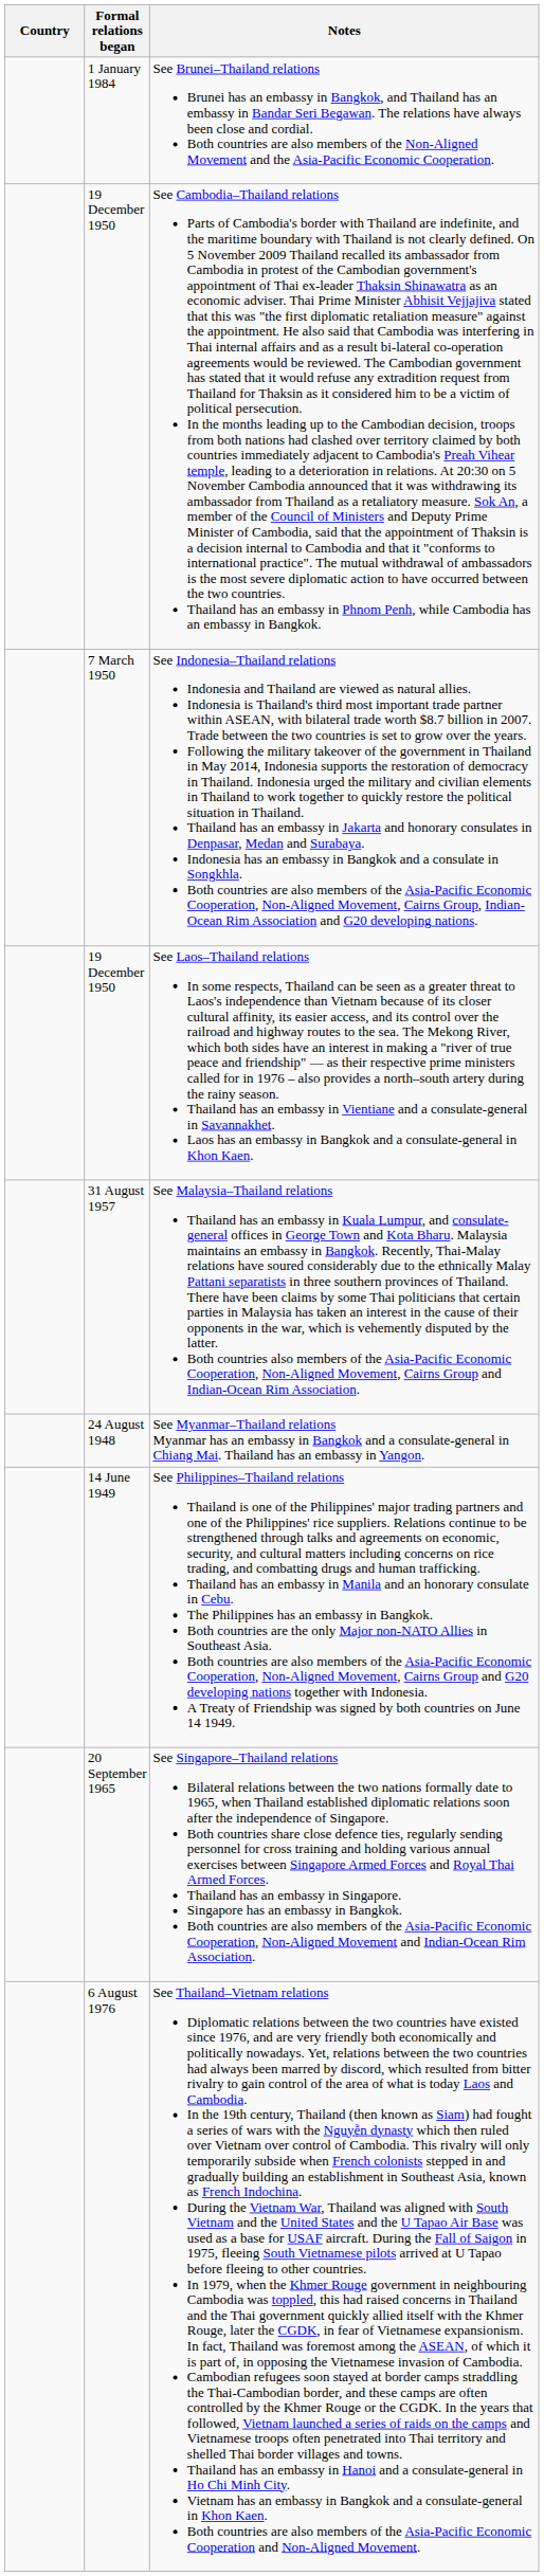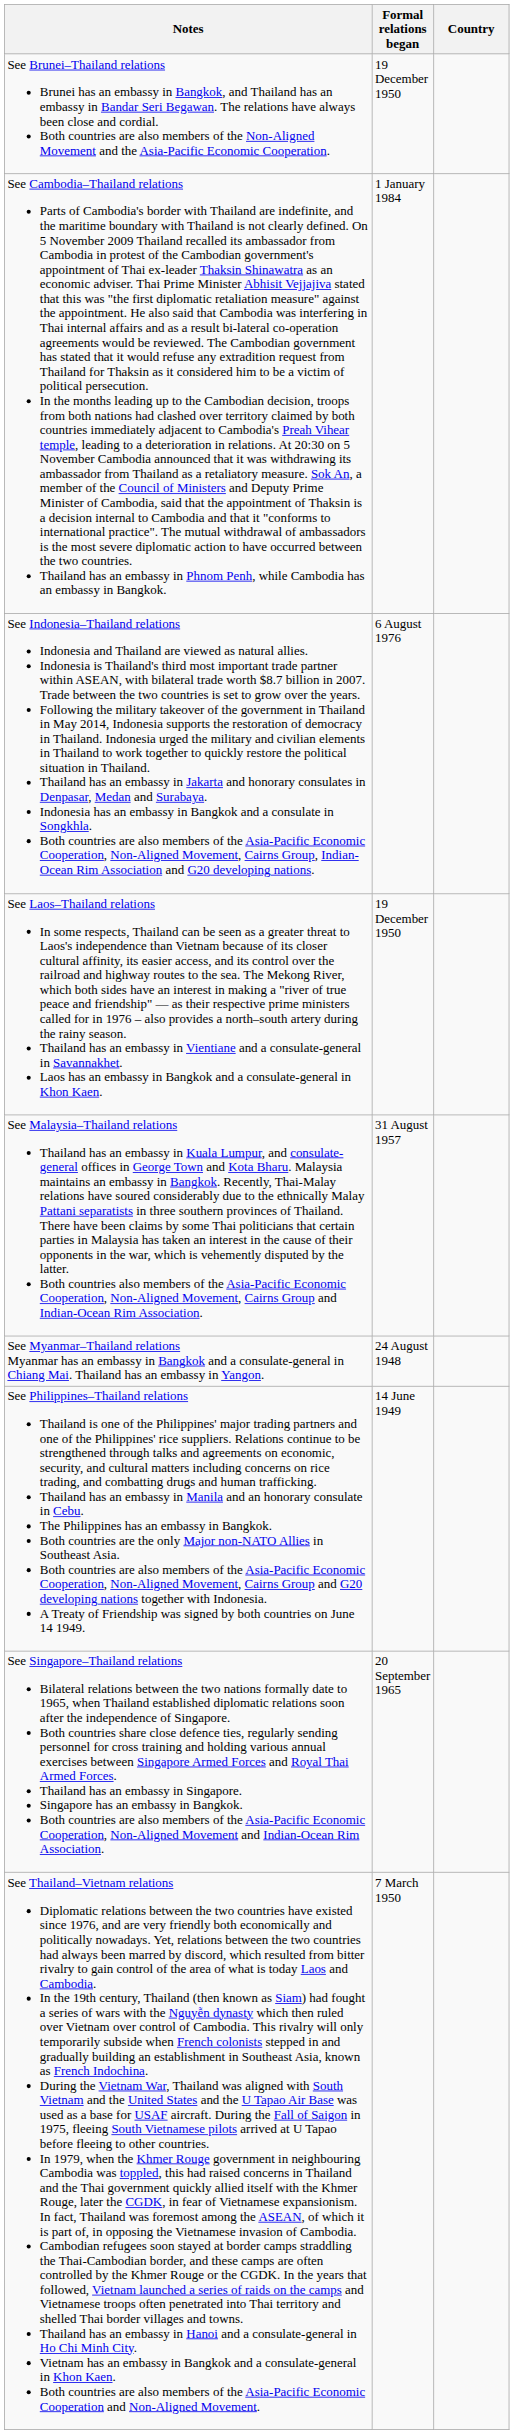 <table class="wikitable sortable" style="width:100%; margin:auto;">
 <tr>
+<th>Notes</th>
+<th style="width:12%;">Formal relations began</th>
 <th style="width:15%;">Country</th>
-<th style="width:12%;">Formal relations began</th>
-<th>Notes</th>
 </tr>
 <tr valign="top">
+<td>See <a href='#'>Brunei–Thailand relations</a><br><ul><li>Brunei has an embassy in <a href='#'>Bangkok</a>, and Thailand has an embassy in <a href='#'>Bandar Seri Begawan</a>. The relations have always been close and cordial.</li><li>Both countries are also members of the <a href='#'>Non-Aligned Movement</a> and the <a href='#'>Asia-Pacific Economic Cooperation</a>.</li></ul></td>
+<td>19 December 1950</td>
 <td></td>
-<td>1 January 1984</td>
-<td>See <a href='#'>Brunei–Thailand relations</a><br><ul><li>Brunei has an embassy in <a href='#'>Bangkok</a>, and Thailand has an embassy in <a href='#'>Bandar Seri Begawan</a>. The relations have always been close and cordial.</li><li>Both countries are also members of the <a href='#'>Non-Aligned Movement</a> and the <a href='#'>Asia-Pacific Economic Cooperation</a>.</li></ul></td>
 </tr>
 <tr valign="top">
+<td>See <a href='#'>Cambodia–Thailand relations</a><br><ul><li>Parts of Cambodia's border with Thailand are indefinite, and the maritime boundary with Thailand is not clearly defined. On 5 November 2009 Thailand recalled its ambassador from Cambodia in protest of the Cambodian government's appointment of Thai ex-leader <a href='#'>Thaksin Shinawatra</a> as an economic adviser. Thai Prime Minister <a href='#'>Abhisit Vejjajiva</a> stated that this was "the first diplomatic retaliation measure" against the appointment. He also said that Cambodia was interfering in Thai internal affairs and as a result bi-lateral co-operation agreements would be reviewed. The Cambodian government has stated that it would refuse any extradition request from Thailand for Thaksin as it considered him to be a victim of political persecution.</li><li>In the months leading up to the Cambodian decision, troops from both nations had clashed over territory claimed by both countries immediately adjacent to Cambodia's <a href='#'>Preah Vihear temple</a>, leading to a deterioration in relations. At 20:30 on 5 November Cambodia announced that it was withdrawing its ambassador from Thailand as a retaliatory measure. <a href='#'>Sok An</a>, a member of the <a href='#'>Council of Ministers</a> and Deputy Prime Minister of Cambodia, said that the appointment of Thaksin is a decision internal to Cambodia and that it "conforms to international practice". The mutual withdrawal of ambassadors is the most severe diplomatic action to have occurred between the two countries.</li><li>Thailand has an embassy in <a href='#'>Phnom Penh</a>, while Cambodia has an embassy in Bangkok.</li></ul></td>
+<td>1 January 1984</td>
 <td></td>
-<td>19 December 1950</td>
-<td>See <a href='#'>Cambodia–Thailand relations</a><br><ul><li>Parts of Cambodia's border with Thailand are indefinite, and the maritime boundary with Thailand is not clearly defined. On 5 November 2009 Thailand recalled its ambassador from Cambodia in protest of the Cambodian government's appointment of Thai ex-leader <a href='#'>Thaksin Shinawatra</a> as an economic adviser. Thai Prime Minister <a href='#'>Abhisit Vejjajiva</a> stated that this was "the first diplomatic retaliation measure" against the appointment. He also said that Cambodia was interfering in Thai internal affairs and as a result bi-lateral co-operation agreements would be reviewed. The Cambodian government has stated that it would refuse any extradition request from Thailand for Thaksin as it considered him to be a victim of political persecution.</li><li>In the months leading up to the Cambodian decision, troops from both nations had clashed over territory claimed by both countries immediately adjacent to Cambodia's <a href='#'>Preah Vihear temple</a>, leading to a deterioration in relations. At 20:30 on 5 November Cambodia announced that it was withdrawing its ambassador from Thailand as a retaliatory measure. <a href='#'>Sok An</a>, a member of the <a href='#'>Council of Ministers</a> and Deputy Prime Minister of Cambodia, said that the appointment of Thaksin is a decision internal to Cambodia and that it "conforms to international practice". The mutual withdrawal of ambassadors is the most severe diplomatic action to have occurred between the two countries.</li><li>Thailand has an embassy in <a href='#'>Phnom Penh</a>, while Cambodia has an embassy in Bangkok.</li></ul></td>
 </tr>
 <tr valign="top">
+<td>See <a href='#'>Indonesia–Thailand relations</a><br><ul><li>Indonesia and Thailand are viewed as natural allies.</li><li>Indonesia is Thailand's third most important trade partner within ASEAN, with bilateral trade worth $8.7 billion in 2007. Trade between the two countries is set to grow over the years.</li><li>Following the military takeover of the government in Thailand in May 2014, Indonesia supports the restoration of democracy in Thailand. Indonesia urged the military and civilian elements in Thailand to work together to quickly restore the political situation in Thailand.</li><li>Thailand has an embassy in <a href='#'>Jakarta</a> and honorary consulates in <a href='#'>Denpasar</a>, <a href='#'>Medan</a> and <a href='#'>Surabaya</a>.</li><li>Indonesia has an embassy in Bangkok and a consulate in <a href='#'>Songkhla</a>.</li><li>Both countries are also members of the <a href='#'>Asia-Pacific Economic Cooperation</a>, <a href='#'>Non-Aligned Movement</a>, <a href='#'>Cairns Group</a>, <a href='#'>Indian-Ocean Rim Association</a> and <a href='#'>G20 developing nations</a>.</li></ul></td>
+<td>6 August 1976</td>
 <td></td>
-<td>7 March 1950</td>
-<td>See <a href='#'>Indonesia–Thailand relations</a><br><ul><li>Indonesia and Thailand are viewed as natural allies.</li><li>Indonesia is Thailand's third most important trade partner within ASEAN, with bilateral trade worth $8.7 billion in 2007. Trade between the two countries is set to grow over the years.</li><li>Following the military takeover of the government in Thailand in May 2014, Indonesia supports the restoration of democracy in Thailand. Indonesia urged the military and civilian elements in Thailand to work together to quickly restore the political situation in Thailand.</li><li>Thailand has an embassy in <a href='#'>Jakarta</a> and honorary consulates in <a href='#'>Denpasar</a>, <a href='#'>Medan</a> and <a href='#'>Surabaya</a>.</li><li>Indonesia has an embassy in Bangkok and a consulate in <a href='#'>Songkhla</a>.</li><li>Both countries are also members of the <a href='#'>Asia-Pacific Economic Cooperation</a>, <a href='#'>Non-Aligned Movement</a>, <a href='#'>Cairns Group</a>, <a href='#'>Indian-Ocean Rim Association</a> and <a href='#'>G20 developing nations</a>.</li></ul></td>
 </tr>
 <tr valign="top">
+<td>See <a href='#'>Laos–Thailand relations</a><br><ul><li>In some respects, Thailand can be seen as a greater threat to Laos's independence than Vietnam because of its closer cultural affinity, its easier access, and its control over the railroad and highway routes to the sea. The Mekong River, which both sides have an interest in making a "river of true peace and friendship" — as their respective prime ministers called for in 1976 – also provides a north–south artery during the rainy season.</li><li>Thailand has an embassy in <a href='#'>Vientiane</a> and a consulate-general in <a href='#'>Savannakhet</a>.</li><li>Laos has an embassy in Bangkok and a consulate-general in <a href='#'>Khon Kaen</a>.</li></ul></td>
+<td>19 December 1950</td>
 <td></td>
-<td>19 December 1950</td>
-<td>See <a href='#'>Laos–Thailand relations</a><br><ul><li>In some respects, Thailand can be seen as a greater threat to Laos's independence than Vietnam because of its closer cultural affinity, its easier access, and its control over the railroad and highway routes to the sea. The Mekong River, which both sides have an interest in making a "river of true peace and friendship" — as their respective prime ministers called for in 1976 – also provides a north–south artery during the rainy season.</li><li>Thailand has an embassy in <a href='#'>Vientiane</a> and a consulate-general in <a href='#'>Savannakhet</a>.</li><li>Laos has an embassy in Bangkok and a consulate-general in <a href='#'>Khon Kaen</a>.</li></ul></td>
 </tr>
 <tr valign="top">
+<td>See <a href='#'>Malaysia–Thailand relations</a><br><ul><li>Thailand has an embassy in <a href='#'>Kuala Lumpur</a>, and <a href='#'>consulate-general</a> offices in <a href='#'>George Town</a> and <a href='#'>Kota Bharu</a>. Malaysia maintains an embassy in <a href='#'>Bangkok</a>. Recently, Thai-Malay relations have soured considerably due to the ethnically Malay <a href='#'>Pattani separatists</a> in three southern provinces of Thailand. There have been claims by some Thai politicians that certain parties in Malaysia has taken an interest in the cause of their opponents in the war, which is vehemently disputed by the latter.</li><li>Both countries also members of the <a href='#'>Asia-Pacific Economic Cooperation</a>, <a href='#'>Non-Aligned Movement</a>, <a href='#'>Cairns Group</a> and <a href='#'>Indian-Ocean Rim Association</a>.</li></ul></td>
+<td>31 August 1957</td>
 <td></td>
-<td>31 August 1957</td>
-<td>See <a href='#'>Malaysia–Thailand relations</a><br><ul><li>Thailand has an embassy in <a href='#'>Kuala Lumpur</a>, and <a href='#'>consulate-general</a> offices in <a href='#'>George Town</a> and <a href='#'>Kota Bharu</a>. Malaysia maintains an embassy in <a href='#'>Bangkok</a>. Recently, Thai-Malay relations have soured considerably due to the ethnically Malay <a href='#'>Pattani separatists</a> in three southern provinces of Thailand. There have been claims by some Thai politicians that certain parties in Malaysia has taken an interest in the cause of their opponents in the war, which is vehemently disputed by the latter.</li><li>Both countries also members of the <a href='#'>Asia-Pacific Economic Cooperation</a>, <a href='#'>Non-Aligned Movement</a>, <a href='#'>Cairns Group</a> and <a href='#'>Indian-Ocean Rim Association</a>.</li></ul></td>
 </tr>
 <tr valign="top">
+<td>See <a href='#'>Myanmar–Thailand relations</a><br>Myanmar has an embassy in <a href='#'>Bangkok</a> and a consulate-general in <a href='#'>Chiang Mai</a>. Thailand has an embassy in <a href='#'>Yangon</a>.</td>
+<td>24 August 1948</td>
 <td></td>
-<td>24 August 1948</td>
-<td>See <a href='#'>Myanmar–Thailand relations</a><br>Myanmar has an embassy in <a href='#'>Bangkok</a> and a consulate-general in <a href='#'>Chiang Mai</a>. Thailand has an embassy in <a href='#'>Yangon</a>.</td>
 </tr>
 <tr valign="top">
+<td>See <a href='#'>Philippines–Thailand relations</a><br><ul><li>Thailand is one of the Philippines' major trading partners and one of the Philippines' rice suppliers. Relations continue to be strengthened through talks and agreements on economic, security, and cultural matters including concerns on rice trading, and combatting drugs and human trafficking.</li><li>Thailand has an embassy in <a href='#'>Manila</a> and an honorary consulate in <a href='#'>Cebu</a>.</li><li>The Philippines has an embassy in Bangkok.</li><li>Both countries are the only <a href='#'>Major non-NATO Allies</a> in Southeast Asia.</li><li>Both countries are also members of the <a href='#'>Asia-Pacific Economic Cooperation</a>, <a href='#'>Non-Aligned Movement</a>, <a href='#'>Cairns Group</a> and <a href='#'>G20 developing nations</a> together with Indonesia.</li><li>A Treaty of Friendship was signed by both countries on June 14 1949.</li></ul></td>
+<td>14 June 1949</td>
 <td></td>
-<td>14 June 1949</td>
-<td>See <a href='#'>Philippines–Thailand relations</a><br><ul><li>Thailand is one of the Philippines' major trading partners and one of the Philippines' rice suppliers. Relations continue to be strengthened through talks and agreements on economic, security, and cultural matters including concerns on rice trading, and combatting drugs and human trafficking.</li><li>Thailand has an embassy in <a href='#'>Manila</a> and an honorary consulate in <a href='#'>Cebu</a>.</li><li>The Philippines has an embassy in Bangkok.</li><li>Both countries are the only <a href='#'>Major non-NATO Allies</a> in Southeast Asia.</li><li>Both countries are also members of the <a href='#'>Asia-Pacific Economic Cooperation</a>, <a href='#'>Non-Aligned Movement</a>, <a href='#'>Cairns Group</a> and <a href='#'>G20 developing nations</a> together with Indonesia.</li><li>A Treaty of Friendship was signed by both countries on June 14 1949.</li></ul></td>
 </tr>
 <tr valign="top">
+<td>See <a href='#'>Singapore–Thailand relations</a><br><ul><li>Bilateral relations between the two nations formally date to 1965, when Thailand established diplomatic relations soon after the independence of Singapore.</li><li>Both countries share close defence ties, regularly sending personnel for cross training and holding various annual exercises between <a href='#'>Singapore Armed Forces</a> and <a href='#'>Royal Thai Armed Forces</a>.</li><li>Thailand has an embassy in Singapore.</li><li>Singapore has an embassy in Bangkok.</li><li>Both countries are also members of the <a href='#'>Asia-Pacific Economic Cooperation</a>, <a href='#'>Non-Aligned Movement</a> and <a href='#'>Indian-Ocean Rim Association</a>.</li></ul></td>
+<td>20 September 1965</td>
 <td></td>
-<td>20 September 1965</td>
-<td>See <a href='#'>Singapore–Thailand relations</a><br><ul><li>Bilateral relations between the two nations formally date to 1965, when Thailand established diplomatic relations soon after the independence of Singapore.</li><li>Both countries share close defence ties, regularly sending personnel for cross training and holding various annual exercises between <a href='#'>Singapore Armed Forces</a> and <a href='#'>Royal Thai Armed Forces</a>.</li><li>Thailand has an embassy in Singapore.</li><li>Singapore has an embassy in Bangkok.</li><li>Both countries are also members of the <a href='#'>Asia-Pacific Economic Cooperation</a>, <a href='#'>Non-Aligned Movement</a> and <a href='#'>Indian-Ocean Rim Association</a>.</li></ul></td>
 </tr>
 <tr valign="top">
+<td>See <a href='#'>Thailand–Vietnam relations</a><br><ul><li>Diplomatic relations between the two countries have existed since 1976, and are very friendly both economically and politically nowadays. Yet, relations between the two countries had always been marred by discord, which resulted from bitter rivalry to gain control of the area of what is today <a href='#'>Laos</a> and <a href='#'>Cambodia</a>.</li><li>In the 19th century, Thailand (then known as <a href='#'>Siam</a>) had fought a series of wars with the <a href='#'>Nguyễn dynasty</a> which then ruled over Vietnam over control of Cambodia. This rivalry will only temporarily subside when <a href='#'>French colonists</a> stepped in and gradually building an establishment in Southeast Asia, known as <a href='#'>French Indochina</a>.</li><li>During the <a href='#'>Vietnam War</a>, Thailand was aligned with <a href='#'>South Vietnam</a> and the <a href='#'>United States</a> and the <a href='#'>U Tapao Air Base</a> was used as a base for <a href='#'>USAF</a> aircraft. During the <a href='#'>Fall of Saigon</a> in 1975, fleeing <a href='#'>South Vietnamese pilots</a> arrived at U Tapao before fleeing to other countries.</li><li>In 1979, when the <a href='#'>Khmer Rouge</a> government in neighbouring Cambodia was <a href='#'>toppled</a>, this had raised concerns in Thailand and the Thai government quickly allied itself with the Khmer Rouge, later the <a href='#'>CGDK</a>, in fear of Vietnamese expansionism. In fact, Thailand was foremost among the <a href='#'>ASEAN</a>, of which it is part of, in opposing the Vietnamese invasion of Cambodia.</li><li>Cambodian refugees soon stayed at border camps straddling the Thai-Cambodian border, and these camps are often controlled by the Khmer Rouge or the CGDK. In the years that followed, <a href='#'>Vietnam launched a series of raids on the camps</a> and Vietnamese troops often penetrated into Thai territory and shelled Thai border villages and towns.</li><li>Thailand has an embassy in <a href='#'>Hanoi</a> and a consulate-general in <a href='#'>Ho Chi Minh City</a>.</li><li>Vietnam has an embassy in Bangkok and a consulate-general in <a href='#'>Khon Kaen</a>.</li><li>Both countries are also members of the <a href='#'>Asia-Pacific Economic Cooperation</a> and <a href='#'>Non-Aligned Movement</a>.</li></ul></td>
+<td>7 March 1950</td>
 <td></td>
-<td>6 August 1976</td>
-<td>See <a href='#'>Thailand–Vietnam relations</a><br><ul><li>Diplomatic relations between the two countries have existed since 1976, and are very friendly both economically and politically nowadays. Yet, relations between the two countries had always been marred by discord, which resulted from bitter rivalry to gain control of the area of what is today <a href='#'>Laos</a> and <a href='#'>Cambodia</a>.</li><li>In the 19th century, Thailand (then known as <a href='#'>Siam</a>) had fought a series of wars with the <a href='#'>Nguyễn dynasty</a> which then ruled over Vietnam over control of Cambodia. This rivalry will only temporarily subside when <a href='#'>French colonists</a> stepped in and gradually building an establishment in Southeast Asia, known as <a href='#'>French Indochina</a>.</li><li>During the <a href='#'>Vietnam War</a>, Thailand was aligned with <a href='#'>South Vietnam</a> and the <a href='#'>United States</a> and the <a href='#'>U Tapao Air Base</a> was used as a base for <a href='#'>USAF</a> aircraft. During the <a href='#'>Fall of Saigon</a> in 1975, fleeing <a href='#'>South Vietnamese pilots</a> arrived at U Tapao before fleeing to other countries.</li><li>In 1979, when the <a href='#'>Khmer Rouge</a> government in neighbouring Cambodia was <a href='#'>toppled</a>, this had raised concerns in Thailand and the Thai government quickly allied itself with the Khmer Rouge, later the <a href='#'>CGDK</a>, in fear of Vietnamese expansionism. In fact, Thailand was foremost among the <a href='#'>ASEAN</a>, of which it is part of, in opposing the Vietnamese invasion of Cambodia.</li><li>Cambodian refugees soon stayed at border camps straddling the Thai-Cambodian border, and these camps are often controlled by the Khmer Rouge or the CGDK. In the years that followed, <a href='#'>Vietnam launched a series of raids on the camps</a> and Vietnamese troops often penetrated into Thai territory and shelled Thai border villages and towns.</li><li>Thailand has an embassy in <a href='#'>Hanoi</a> and a consulate-general in <a href='#'>Ho Chi Minh City</a>.</li><li>Vietnam has an embassy in Bangkok and a consulate-general in <a href='#'>Khon Kaen</a>.</li><li>Both countries are also members of the <a href='#'>Asia-Pacific Economic Cooperation</a> and <a href='#'>Non-Aligned Movement</a>.</li></ul></td>
 </tr>
 </table>
